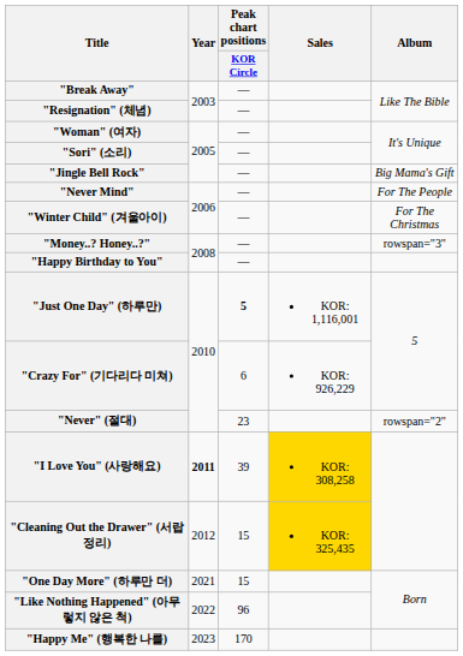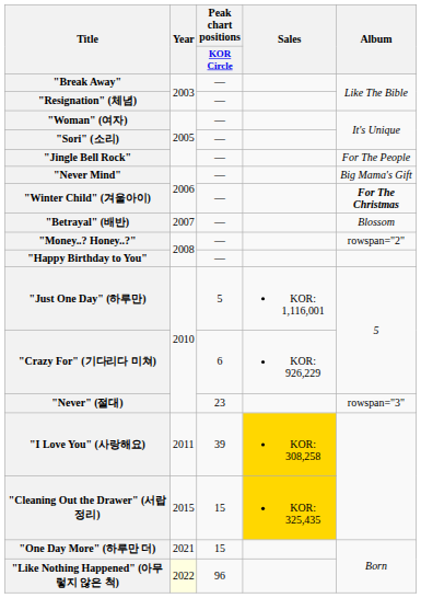 <table class="wikitable plainrowheaders" style="text-align:center;">
 <tr>
 <th rowspan="2" scope="col">Title</th>
 <th rowspan="2" scope="col">Year</th>
 <th>Peak chart positions</th>
 <th rowspan="2" scope="col">Sales</th>
 <th rowspan="2">Album</th>
 </tr>
 <tr>
 <th scope="col" style="width:3em;font-size:90%;"><a href='#'>KOR<br>Circle</a><br></th>
 </tr>
 <tr>
 <th scope="row">"Break Away"</th>
 <td rowspan="2">2003</td>
 <td>—</td>
 <td></td>
 <td rowspan="2"><em>Like The Bible</em></td>
 </tr>
 <tr>
 <th scope="row">"Resignation" (체념)</th>
 <td>—</td>
 <td></td>
 </tr>
 <tr>
 <th scope="row">"Woman" (여자)</th>
 <td rowspan="3">2005</td>
 <td>—</td>
 <td></td>
 <td rowspan="2"><em>It's Unique</em></td>
 </tr>
 <tr>
 <th scope="row">"Sori" (소리)</th>
 <td>—</td>
 <td></td>
 </tr>
 <tr>
 <th scope="row">"Jingle Bell Rock"</th>
 <td>—</td>
 <td></td>
-<td><em>Big Mama's Gift</em></td>
+<td><em>For The People</em></td>
 </tr>
 <tr>
 <th scope="row">"Never Mind"</th>
 <td rowspan="2">2006</td>
 <td>—</td>
 <td></td>
-<td><em>For The People</em></td>
+<td><em>Big Mama's Gift</em></td>
 </tr>
 <tr>
 <th scope="row">"Winter Child" (겨울아이)</th>
 <td>—</td>
 <td></td>
-<td><em>For The Christmas</em></td>
+<td><strong><em>For The Christmas</em></strong></td>
+</tr>
+<tr>
+<th scope="row">"Betrayal" (배반)</th>
+<td>2007</td>
+<td>—</td>
+<td></td>
+<td><em>Blossom</em></td>
 </tr>
 <tr>
 <th scope="row">"Money..? Honey..?"</th>
 <td rowspan="2">2008</td>
 <td>—</td>
 <td></td>
-<td>rowspan="3" </td>
+<td>rowspan="2" </td>
 </tr>
 <tr>
 <th scope="row">"Happy Birthday to You"</th>
 <td>—</td>
 <td></td>
 </tr>
 <tr>
 <th scope="row">"Just One Day" (하루만)</th>
 <td rowspan="3">2010</td>
-<td><strong>5</strong></td>
+<td>5</td>
 <td><br><ul><li>KOR: 1,116,001</li></ul></td>
 <td rowspan="2"><em>5</em></td>
 </tr>
 <tr>
 <th scope="row">"Crazy For" (기다리다 미쳐)</th>
 <td>6</td>
 <td><br><ul><li>KOR: 926,229</li></ul></td>
 </tr>
 <tr>
 <th scope="row">"Never" (절대)</th>
 <td>23</td>
 <td></td>
-<td>rowspan="2" </td>
+<td>rowspan="3" </td>
 </tr>
 <tr>
 <th scope="row">"I Love You" (사랑해요)</th>
-<td><strong>2011</strong></td>
+<td>2011</td>
 <td>39</td>
 <td style="background: gold;"><br><ul><li>KOR: 308,258</li></ul></td>
 </tr>
 <tr>
 <th scope="row">"Cleaning Out the Drawer" (서랍정리)</th>
-<td>2012</td>
+<td>2015</td>
 <td>15</td>
 <td style="background: gold;"><br><ul><li>KOR: 325,435</li></ul></td>
 </tr>
 <tr>
 <th scope="row">"One Day More" (하루만 더)</th>
 <td>2021</td>
 <td>15</td>
 <td></td>
 <td rowspan="2"><em>Born</em></td>
 </tr>
 <tr>
 <th scope="row">"Like Nothing Happened" (아무렇지 않은 척)</th>
-<td>2022</td>
+<td style="background: lightyellow;">2022</td>
 <td>96</td>
 <td></td>
 </tr>
-<tr>
-<th scope="row">"Happy Me" (행복한 나를)</th>
-<td>2023</td>
-<td>170</td>
-<td></td>
-<td></td>
-</tr>
 </table>
